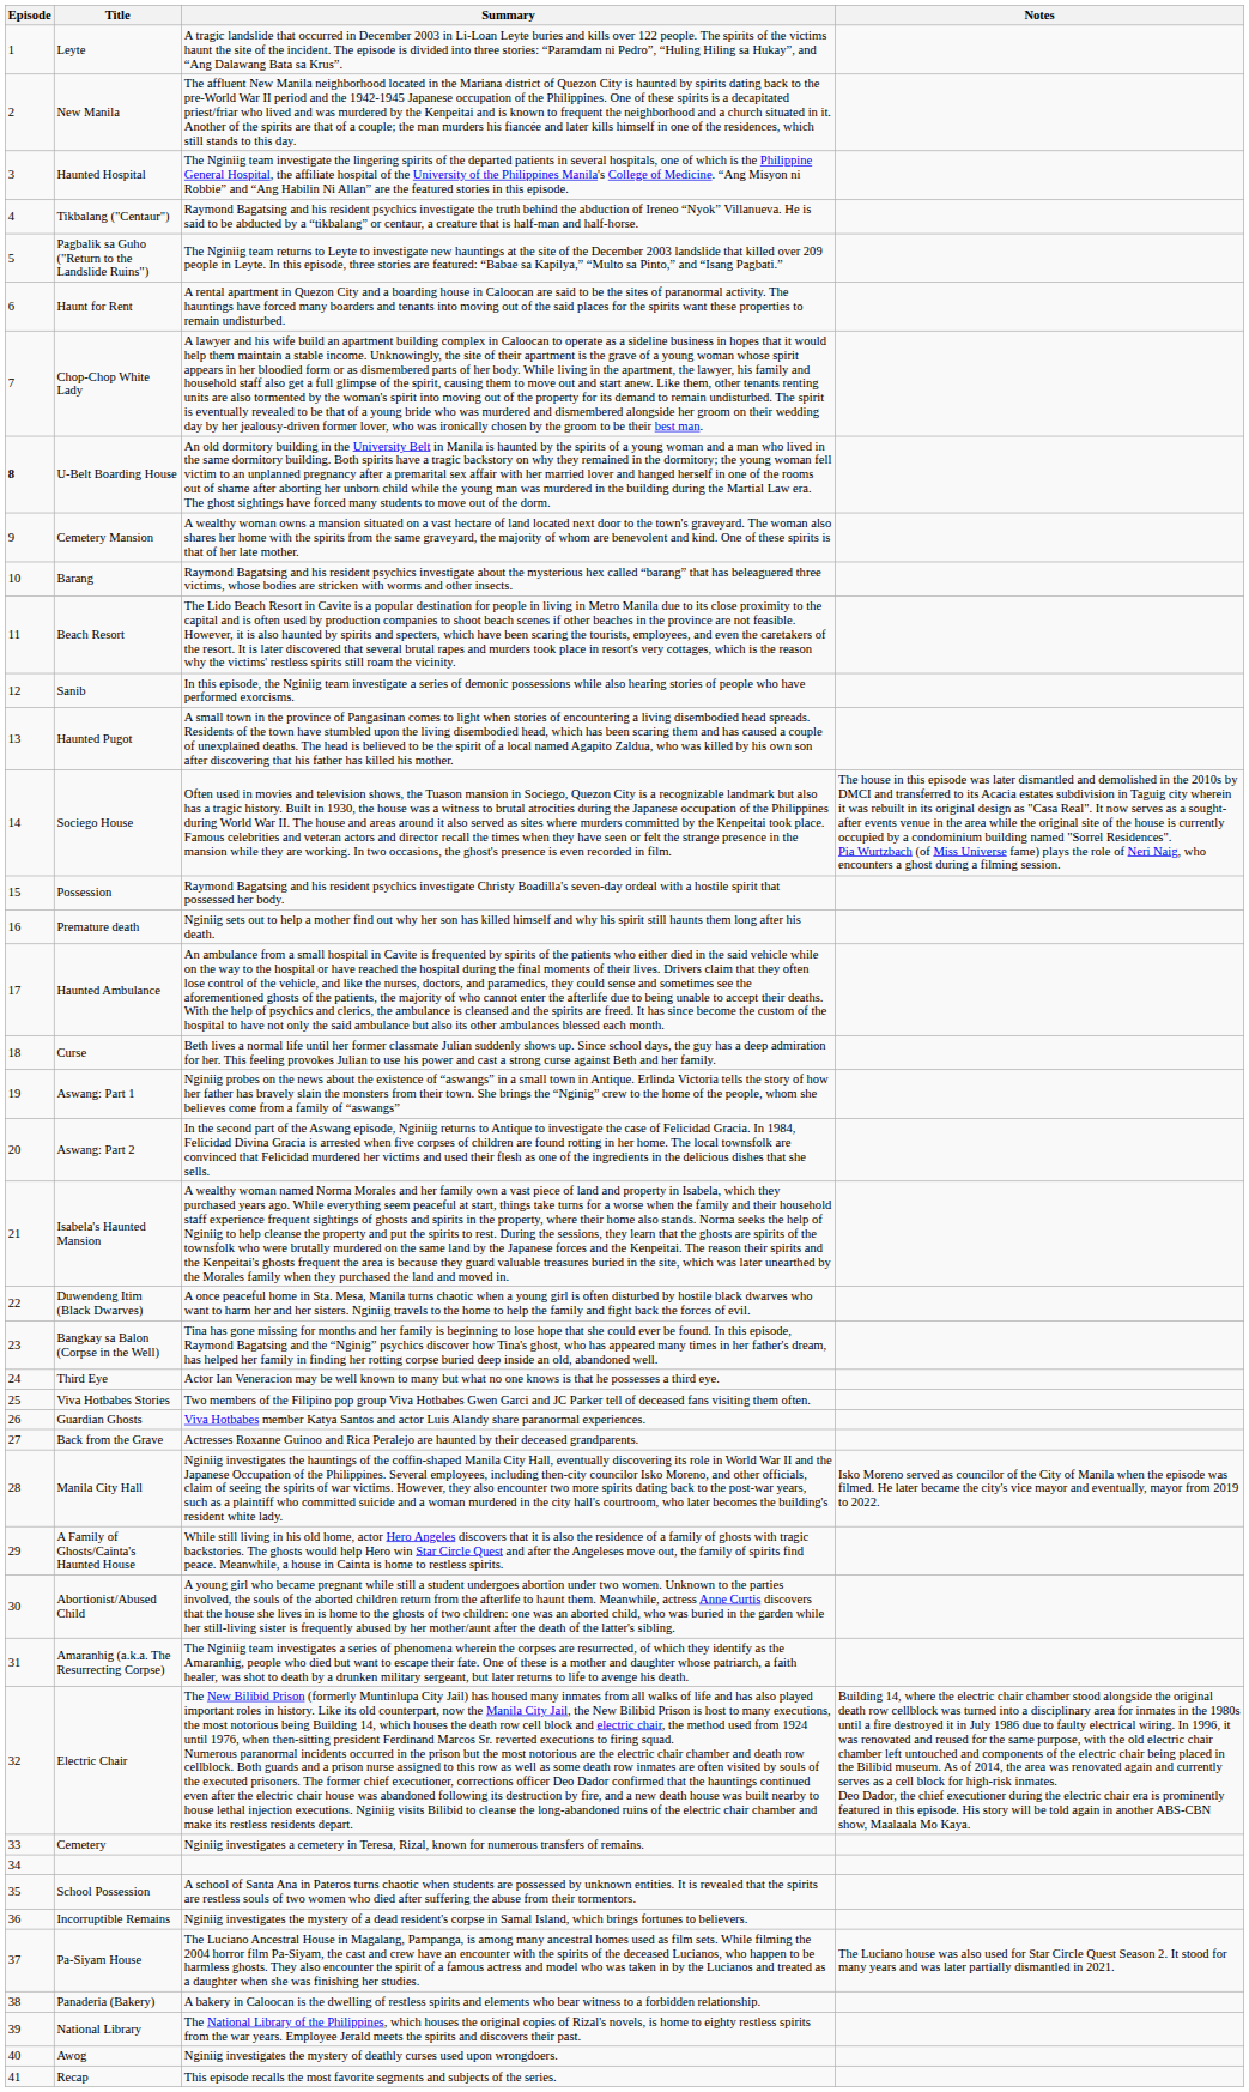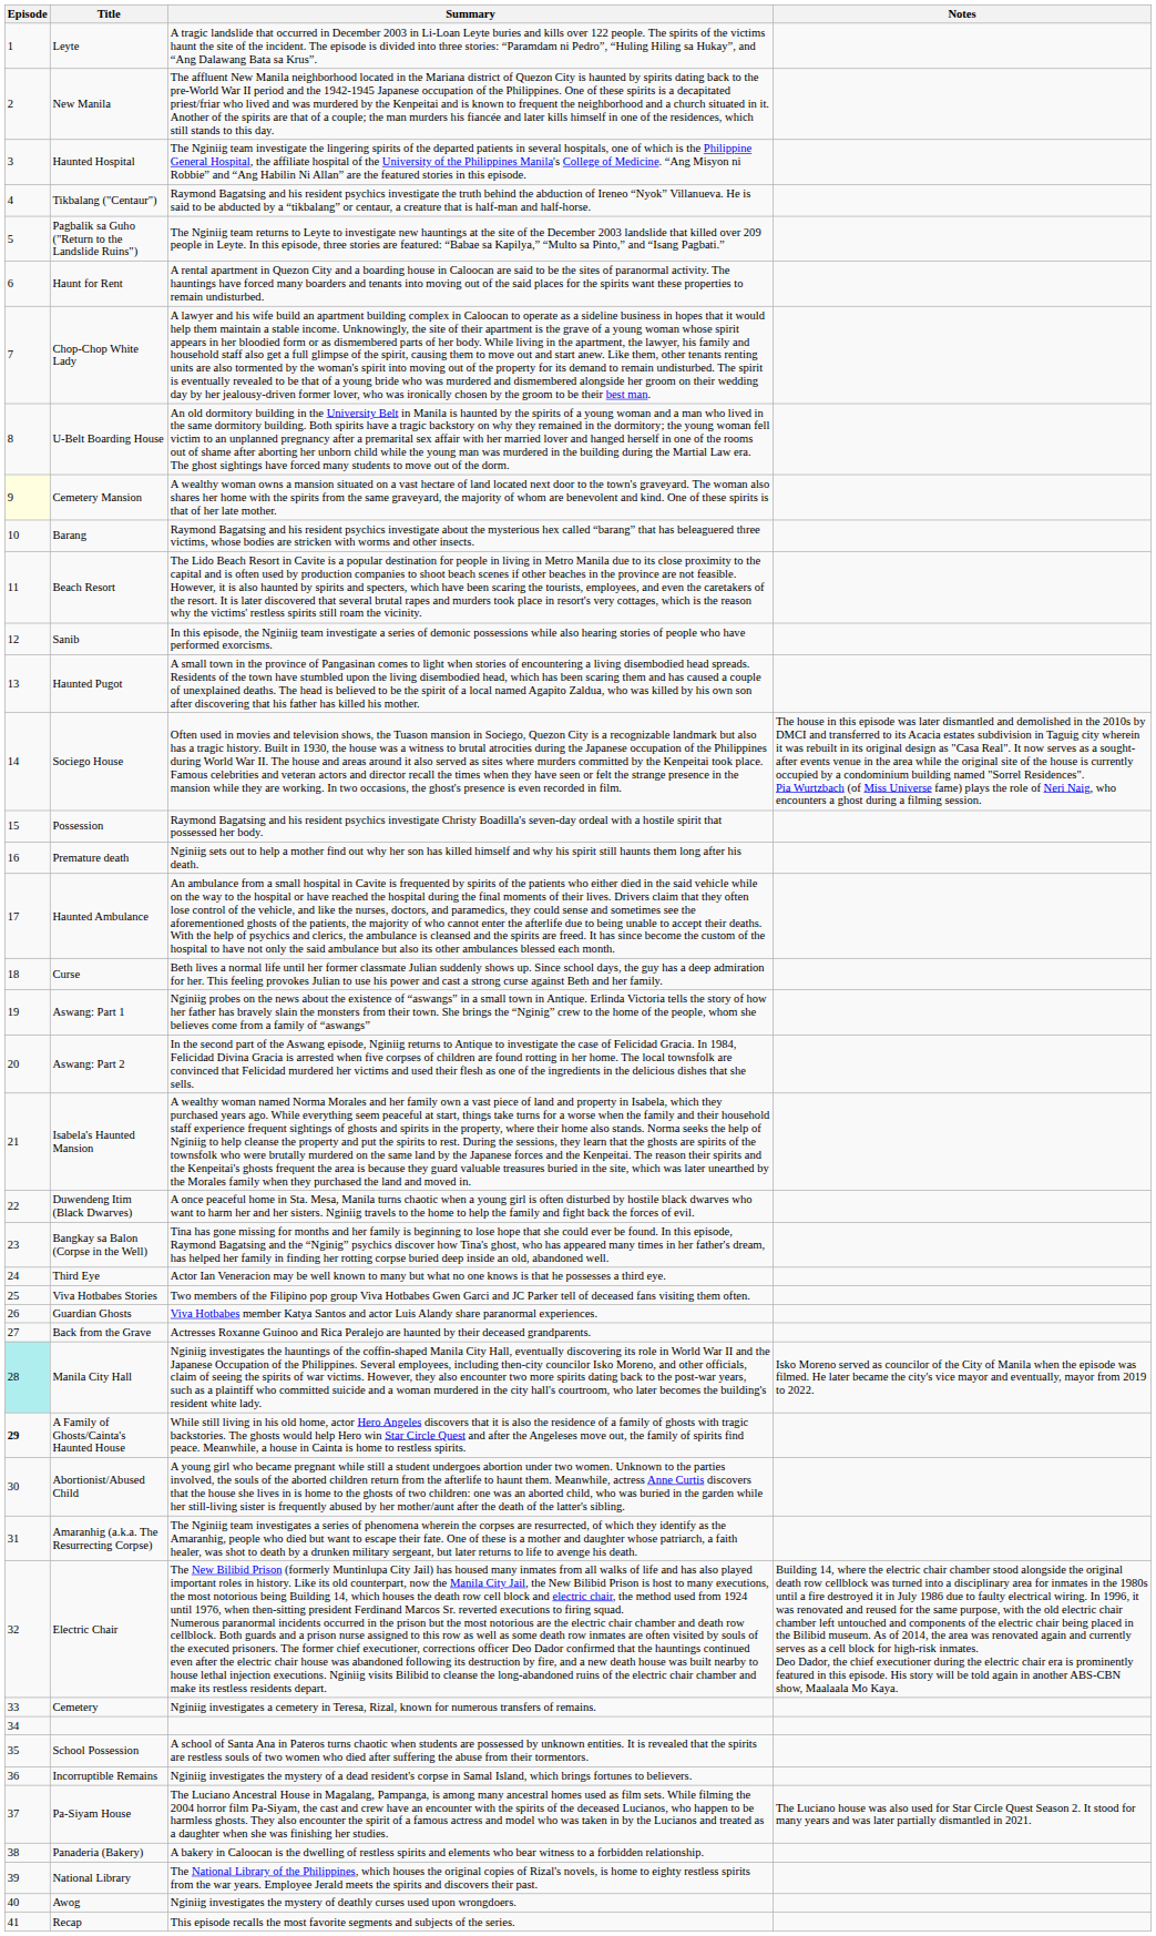 <table class="wikitable">
 <tr>
 <th>Episode</th>
 <th>Title</th>
 <th>Summary</th>
 <th>Notes</th>
 </tr>
 <tr>
 <td>1</td>
 <td>Leyte</td>
 <td>A tragic landslide that occurred in December 2003 in Li-Loan Leyte buries and kills over 122 people. The spirits of the victims haunt the site of the incident. The episode is divided into three stories: “Paramdam ni Pedro”, “Huling Hiling sa Hukay”, and “Ang Dalawang Bata sa Krus”.</td>
 <td></td>
 </tr>
 <tr>
 <td>2</td>
 <td>New Manila</td>
 <td>The affluent New Manila neighborhood located in the Mariana district of Quezon City is haunted by spirits dating back to the pre-World War II period and the 1942-1945 Japanese occupation of the Philippines. One of these spirits is a decapitated priest/friar who lived and was murdered by the Kenpeitai and is known to frequent the neighborhood and a church situated in it. Another of the spirits are that of a couple; the man murders his fiancée and later kills himself in one of the residences, which still stands to this day.</td>
 <td></td>
 </tr>
 <tr>
 <td>3</td>
 <td>Haunted Hospital</td>
 <td>The Nginiig team investigate the lingering spirits of the departed patients in several hospitals, one of which is the <a href='#'>Philippine General Hospital</a>, the affiliate hospital of the <a href='#'>University of the Philippines Manila</a>'s <a href='#'>College of Medicine</a>. “Ang Misyon ni Robbie” and “Ang Habilin Ni Allan” are the featured stories in this episode.</td>
 <td></td>
 </tr>
 <tr>
 <td>4</td>
 <td>Tikbalang ("Centaur")</td>
 <td>Raymond Bagatsing and his resident psychics investigate the truth behind the abduction of Ireneo “Nyok” Villanueva. He is said to be abducted by a “tikbalang” or centaur, a creature that is half-man and half-horse.</td>
 <td></td>
 </tr>
 <tr>
 <td>5</td>
 <td>Pagbalik sa Guho ("Return to the Landslide Ruins")</td>
 <td>The Nginiig team returns to Leyte to investigate new hauntings at the site of the December 2003 landslide that killed over 209 people in Leyte. In this episode, three stories are featured: “Babae sa Kapilya,” “Multo sa Pinto,” and “Isang Pagbati.”</td>
 <td></td>
 </tr>
 <tr>
 <td>6</td>
 <td>Haunt for Rent</td>
 <td>A rental apartment in Quezon City and a boarding house in Caloocan are said to be the sites of paranormal activity. The hauntings have forced many boarders and tenants into moving out of the said places for the spirits want these properties to remain undisturbed.</td>
 <td></td>
 </tr>
 <tr>
 <td>7</td>
 <td>Chop-Chop White Lady</td>
 <td>A lawyer and his wife build an apartment building complex in Caloocan to operate as a sideline business in hopes that it would help them maintain a stable income. Unknowingly, the site of their apartment is the grave of a young woman whose spirit appears in her bloodied form or as dismembered parts of her body. While living in the apartment, the lawyer, his family and household staff also get a full glimpse of the spirit, causing them to move out and start anew. Like them, other tenants renting units are also tormented by the woman's spirit into moving out of the property for its demand to remain undisturbed. The spirit is eventually revealed to be that of a young bride who was murdered and dismembered alongside her groom on their wedding day by her jealousy-driven former lover, who was ironically chosen by the groom to be their <a href='#'>best man</a>.</td>
 <td></td>
 </tr>
 <tr>
-<td><strong>8</strong></td>
+<td>8</td>
 <td>U-Belt Boarding House</td>
 <td>An old dormitory building in the <a href='#'>University Belt</a> in Manila is haunted by the spirits of a young woman and a man who lived in the same dormitory building. Both spirits have a tragic backstory on why they remained in the dormitory; the young woman fell victim to an unplanned pregnancy after a premarital sex affair with her married lover and hanged herself in one of the rooms out of shame after aborting her unborn child while the young man was murdered in the building during the Martial Law era. The ghost sightings have forced many students to move out of the dorm.</td>
 <td></td>
 </tr>
 <tr>
-<td>9</td>
+<td style="background: lightyellow;">9</td>
 <td>Cemetery Mansion</td>
 <td>A wealthy woman owns a mansion situated on a vast hectare of land located next door to the town's graveyard. The woman also shares her home with the spirits from the same graveyard, the majority of whom are benevolent and kind. One of these spirits is that of her late mother.</td>
 <td></td>
 </tr>
 <tr>
 <td>10</td>
 <td>Barang</td>
 <td>Raymond Bagatsing and his resident psychics investigate about the mysterious hex called “barang” that has beleaguered three victims, whose bodies are stricken with worms and other insects.</td>
 <td></td>
 </tr>
 <tr>
 <td>11</td>
 <td>Beach Resort</td>
 <td>The Lido Beach Resort in Cavite is a popular destination for people in living in Metro Manila due to its close proximity to the capital and is often used by production companies to shoot beach scenes if other beaches in the province are not feasible. However, it is also haunted by spirits and specters, which have been scaring the tourists, employees, and even the caretakers of the resort. It is later discovered that several brutal rapes and murders took place in resort's very cottages, which is the reason why the victims' restless spirits still roam the vicinity.</td>
 <td></td>
 </tr>
 <tr>
 <td>12</td>
 <td>Sanib</td>
 <td>In this episode, the Nginiig team investigate a series of demonic possessions while also hearing stories of people who have performed exorcisms.</td>
 <td></td>
 </tr>
 <tr>
 <td>13</td>
 <td>Haunted Pugot</td>
 <td>A small town in the province of Pangasinan comes to light when stories of encountering a living disembodied head spreads. Residents of the town have stumbled upon the living disembodied head, which has been scaring them and has caused a couple of unexplained deaths. The head is believed to be the spirit of a local named Agapito Zaldua, who was killed by his own son after discovering that his father has killed his mother.</td>
 <td></td>
 </tr>
 <tr>
 <td>14</td>
 <td>Sociego House</td>
 <td>Often used in movies and television shows, the Tuason mansion in Sociego, Quezon City is a recognizable landmark but also has a tragic history. Built in 1930, the house was a witness to brutal atrocities during the Japanese occupation of the Philippines during World War II. The house and areas around it also served as sites where murders committed by the Kenpeitai took place.<br>Famous celebrities and veteran actors and director recall the times when they have seen or felt the strange presence in the mansion while they are working. In two occasions, the ghost's presence is even recorded in film.</td>
 <td>The house in this episode was later dismantled and demolished in the 2010s by DMCI and transferred to its Acacia estates subdivision in Taguig city wherein it was rebuilt in its original design as "Casa Real". It now serves as a sought-after events venue in the area while the original site of the house is currently occupied by a condominium building named "Sorrel Residences".<br><a href='#'>Pia Wurtzbach</a> (of <a href='#'>Miss Universe</a> fame) plays the role of <a href='#'>Neri Naig</a>, who encounters a ghost during a filming session.</td>
 </tr>
 <tr>
 <td>15</td>
 <td>Possession</td>
 <td>Raymond Bagatsing and his resident psychics investigate Christy Boadilla's seven-day ordeal with a hostile spirit that possessed her body.</td>
 <td></td>
 </tr>
 <tr>
 <td>16</td>
 <td>Premature death</td>
 <td>Nginiig sets out to help a mother find out why her son has killed himself and why his spirit still haunts them long after his death.</td>
 <td></td>
 </tr>
 <tr>
 <td>17</td>
 <td>Haunted Ambulance</td>
 <td>An ambulance from a small hospital in Cavite is frequented by spirits of the patients who either died in the said vehicle while on the way to the hospital or have reached the hospital during the final moments of their lives. Drivers claim that they often lose control of the vehicle, and like the nurses, doctors, and paramedics, they could sense and sometimes see the aforementioned ghosts of the patients, the majority of who cannot enter the afterlife due to being unable to accept their deaths. With the help of psychics and clerics, the ambulance is cleansed and the spirits are freed. It has since become the custom of the hospital to have not only the said ambulance but also its other ambulances blessed each month.</td>
 <td></td>
 </tr>
 <tr>
 <td>18</td>
 <td>Curse</td>
 <td>Beth lives a normal life until her former classmate Julian suddenly shows up. Since school days, the guy has a deep admiration for her. This feeling provokes Julian to use his power and cast a strong curse against Beth and her family.</td>
 <td></td>
 </tr>
 <tr>
 <td>19</td>
 <td>Aswang: Part 1</td>
 <td>Nginiig probes on the news about the existence of “aswangs” in a small town in Antique. Erlinda Victoria tells the story of how her father has bravely slain the monsters from their town. She brings the “Nginig” crew to the home of the people, whom she believes come from a family of “aswangs”</td>
 <td></td>
 </tr>
 <tr>
 <td>20</td>
 <td>Aswang: Part 2</td>
 <td>In the second part of the Aswang episode, Nginiig returns to Antique to investigate the case of Felicidad Gracia. In 1984, Felicidad Divina Gracia is arrested when five corpses of children are found rotting in her home. The local townsfolk are convinced that Felicidad murdered her victims and used their flesh as one of the ingredients in the delicious dishes that she sells.</td>
 <td></td>
 </tr>
 <tr>
 <td>21</td>
 <td>Isabela's Haunted Mansion</td>
 <td>A wealthy woman named Norma Morales and her family own a vast piece of land and property in Isabela, which they purchased years ago. While everything seem peaceful at start, things take turns for a worse when the family and their household staff experience frequent sightings of ghosts and spirits in the property, where their home also stands. Norma seeks the help of Nginiig to help cleanse the property and put the spirits to rest. During the sessions, they learn that the ghosts are spirits of the townsfolk who were brutally murdered on the same land by the Japanese forces and the Kenpeitai. The reason their spirits and the Kenpeitai's ghosts frequent the area is because they guard valuable treasures buried in the site, which was later unearthed by the Morales family when they purchased the land and moved in.</td>
 <td></td>
 </tr>
 <tr>
 <td>22</td>
 <td>Duwendeng Itim (Black Dwarves)</td>
 <td>A once peaceful home in Sta. Mesa, Manila turns chaotic when a young girl is often disturbed by hostile black dwarves who want to harm her and her sisters. Nginiig travels to the home to help the family and fight back the forces of evil.</td>
 <td></td>
 </tr>
 <tr>
 <td>23</td>
 <td>Bangkay sa Balon (Corpse in the Well)</td>
 <td>Tina has gone missing for months and her family is beginning to lose hope that she could ever be found. In this episode, Raymond Bagatsing and the “Nginig” psychics discover how Tina's ghost, who has appeared many times in her father's dream, has helped her family in finding her rotting corpse buried deep inside an old, abandoned well.</td>
 <td></td>
 </tr>
 <tr>
 <td>24</td>
 <td>Third Eye</td>
 <td>Actor Ian Veneracion may be well known to many but what no one knows is that he possesses a third eye.</td>
 <td></td>
 </tr>
 <tr>
 <td>25</td>
 <td>Viva Hotbabes Stories</td>
 <td>Two members of the Filipino pop group Viva Hotbabes Gwen Garci and JC Parker tell of deceased fans visiting them often.</td>
 <td></td>
 </tr>
 <tr>
 <td>26</td>
 <td>Guardian Ghosts</td>
 <td><a href='#'>Viva Hotbabes</a> member Katya Santos and actor Luis Alandy share paranormal experiences.</td>
 <td></td>
 </tr>
 <tr>
 <td>27</td>
 <td>Back from the Grave</td>
 <td>Actresses Roxanne Guinoo and Rica Peralejo are haunted by their deceased grandparents.</td>
 <td></td>
 </tr>
 <tr>
-<td>28</td>
+<td style="background: paleturquoise;">28</td>
 <td>Manila City Hall</td>
 <td>Nginiig investigates the hauntings of the coffin-shaped Manila City Hall, eventually discovering its role in World War II and the Japanese Occupation of the Philippines. Several employees, including then-city councilor Isko Moreno, and other officials, claim of seeing the spirits of war victims. However, they also encounter two more spirits dating back to the post-war years, such as a plaintiff who committed suicide and a woman murdered in the city hall's courtroom, who later becomes the building's resident white lady.</td>
 <td>Isko Moreno served as councilor of the City of Manila when the episode was filmed. He later became the city's vice mayor and eventually, mayor from 2019 to 2022.</td>
 </tr>
 <tr>
-<td>29</td>
+<td><strong>29</strong></td>
 <td>A Family of Ghosts/Cainta's Haunted House</td>
 <td>While still living in his old home, actor <a href='#'>Hero Angeles</a> discovers that it is also the residence of a family of ghosts with tragic backstories. The ghosts would help Hero win <a href='#'>Star Circle Quest</a> and after the Angeleses move out, the family of spirits find peace. Meanwhile, a house in Cainta is home to restless spirits.</td>
 <td></td>
 </tr>
 <tr>
 <td>30</td>
 <td>Abortionist/Abused Child</td>
 <td>A young girl who became pregnant while still a student undergoes abortion under two women. Unknown to the parties involved, the souls of the aborted children return from the afterlife to haunt them. Meanwhile, actress <a href='#'>Anne Curtis</a> discovers that the house she lives in is home to the ghosts of two children: one was an aborted child, who was buried in the garden while her still-living sister is frequently abused by her mother/aunt after the death of the latter's sibling.</td>
 <td></td>
 </tr>
 <tr>
 <td>31</td>
 <td>Amaranhig (a.k.a. The Resurrecting Corpse)</td>
 <td>The Nginiig team investigates a series of phenomena wherein the corpses are resurrected, of which they identify as the Amaranhig, people who died but want to escape their fate. One of these is a mother and daughter whose patriarch, a faith healer, was shot to death by a drunken military sergeant, but later returns to life to avenge his death.</td>
 <td></td>
 </tr>
 <tr>
 <td>32</td>
 <td>Electric Chair</td>
 <td>The <a href='#'>New Bilibid Prison</a> (formerly Muntinlupa City Jail) has housed many inmates from all walks of life and has also played important roles in history. Like its old counterpart, now the <a href='#'>Manila City Jail</a>, the New Bilibid Prison is host to many executions, the most notorious being Building 14, which houses the death row cell block and <a href='#'>electric chair</a>, the method used from 1924 until 1976, when then-sitting president Ferdinand Marcos Sr. reverted executions to firing squad.<br>Numerous paranormal incidents occurred in the prison but the most notorious are the electric chair chamber and death row cellblock. Both guards and a prison nurse assigned to this row as well as some death row inmates are often visited by souls of the executed prisoners. The former chief executioner, corrections officer Deo Dador confirmed that the hauntings continued even after the electric chair house was abandoned following its destruction by fire, and a new death house was built nearby to house lethal injection executions. Nginiig visits Bilibid to cleanse the long-abandoned ruins of the electric chair chamber and make its restless residents depart.</td>
 <td>Building 14, where the electric chair chamber stood alongside the original death row cellblock was turned into a disciplinary area for inmates in the 1980s until a fire destroyed it in July 1986 due to faulty electrical wiring. In 1996, it was renovated and reused for the same purpose, with the old electric chair chamber left untouched and components of the electric chair being placed in the Bilibid museum. As of 2014, the area was renovated again and currently serves as a cell block for high-risk inmates.<br>Deo Dador, the chief executioner during the electric chair era is prominently featured in this episode. His story will be told again in another ABS-CBN show, Maalaala Mo Kaya.</td>
 </tr>
 <tr>
 <td>33</td>
 <td>Cemetery</td>
 <td>Nginiig investigates a cemetery in Teresa, Rizal, known for numerous transfers of remains.</td>
 <td></td>
 </tr>
 <tr>
 <td>34</td>
 <td></td>
 <td></td>
 <td></td>
 </tr>
 <tr>
 <td>35</td>
 <td>School Possession</td>
 <td>A school of Santa Ana in Pateros turns chaotic when students are possessed by unknown entities. It is revealed that the spirits are restless souls of two women who died after suffering the abuse from their tormentors.</td>
 <td></td>
 </tr>
 <tr>
 <td>36</td>
 <td>Incorruptible Remains</td>
 <td>Nginiig investigates the mystery of a dead resident's corpse in Samal Island, which brings fortunes to believers.</td>
 <td></td>
 </tr>
 <tr>
 <td>37</td>
 <td>Pa-Siyam House</td>
 <td>The Luciano Ancestral House in Magalang, Pampanga, is among many ancestral homes used as film sets. While filming the 2004 horror film Pa-Siyam, the cast and crew have an encounter with the spirits of the deceased Lucianos, who happen to be harmless ghosts. They also encounter the spirit of a famous actress and model who was taken in by the Lucianos and treated as a daughter when she was finishing her studies.</td>
 <td>The Luciano house was also used for Star Circle Quest Season 2. It stood for many years and was later partially dismantled in 2021.</td>
 </tr>
 <tr>
 <td>38</td>
 <td>Panaderia (Bakery)</td>
 <td>A bakery in Caloocan is the dwelling of restless spirits and elements who bear witness to a forbidden relationship.</td>
 <td></td>
 </tr>
 <tr>
 <td>39</td>
 <td>National Library</td>
 <td>The <a href='#'>National Library of the Philippines</a>, which houses the original copies of Rizal's novels, is home to eighty restless spirits from the war years. Employee Jerald meets the spirits and discovers their past.</td>
 <td></td>
 </tr>
 <tr>
 <td>40</td>
 <td>Awog</td>
 <td>Nginiig investigates the mystery of deathly curses used upon wrongdoers.</td>
 <td></td>
 </tr>
 <tr>
 <td>41</td>
 <td>Recap</td>
 <td>This episode recalls the most favorite segments and subjects of the series.</td>
 <td></td>
 </tr>
 </table>
